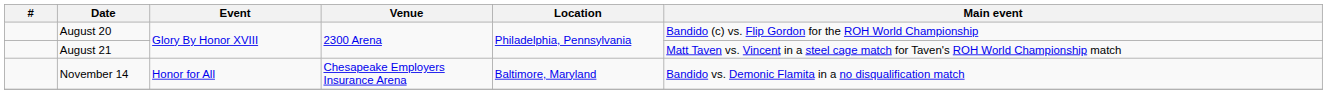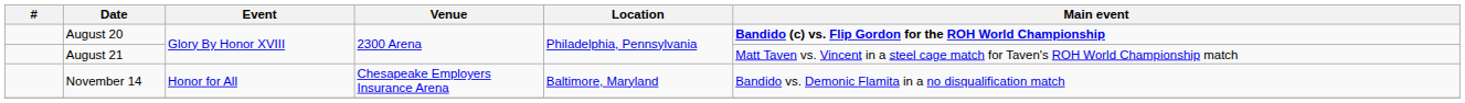 <table class="sortable wikitable succession-box" style="font-size:85%;">
 <tr>
 <th width=4%>#</th>
 <th width=7%>Date</th>
 <th width=13%>Event</th>
 <th width=13%>Venue</th>
 <th width=13%>Location</th>
 <th width=50%>Main event</th>
 </tr>
 <tr>
 <td></td>
 <td>August 20</td>
 <td rowspan=2><a href='#'>Glory By Honor XVIII</a></td>
 <td rowspan=2><a href='#'>2300 Arena</a></td>
 <td rowspan=2><a href='#'>Philadelphia, Pennsylvania</a></td>
-<td><a href='#'>Bandido</a> (c) vs. <a href='#'>Flip Gordon</a> for the <a href='#'>ROH World Championship</a></td>
+<td><strong><a href='#'>Bandido</a> (c) vs. <a href='#'>Flip Gordon</a> for the <a href='#'>ROH World Championship</a></strong></td>
 </tr>
 <tr>
 <td></td>
 <td>August 21</td>
 <td><a href='#'>Matt Taven</a> vs. <a href='#'>Vincent</a> in a <a href='#'>steel cage match</a> for Taven's <a href='#'>ROH World Championship</a> match</td>
 </tr>
 <tr>
 <td></td>
 <td>November 14</td>
 <td><a href='#'>Honor for All</a></td>
 <td><a href='#'>Chesapeake Employers Insurance Arena</a></td>
 <td><a href='#'>Baltimore, Maryland</a></td>
 <td><a href='#'>Bandido</a> vs. <a href='#'>Demonic Flamita</a> in a <a href='#'>no disqualification match</a></td>
 </tr>
 <tr>
 </tr>
 </table>
